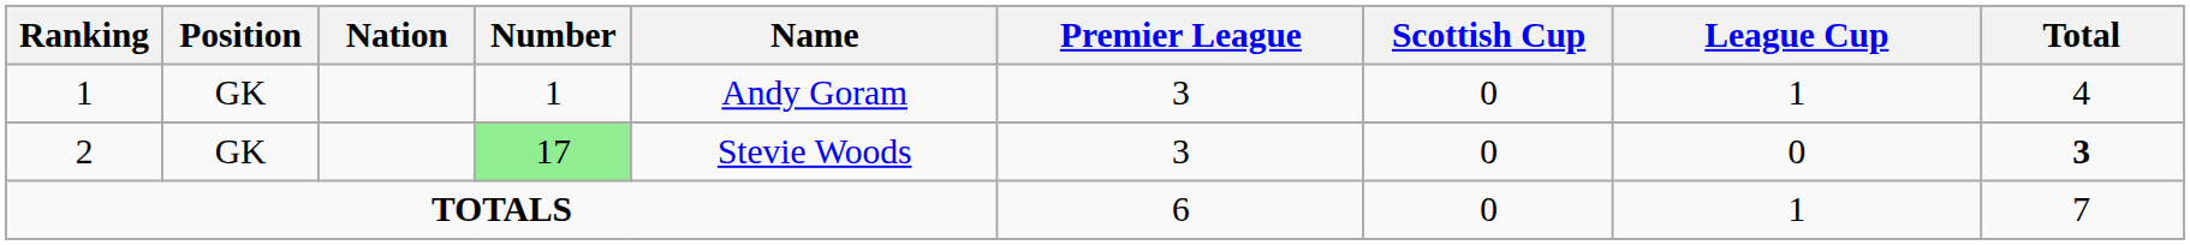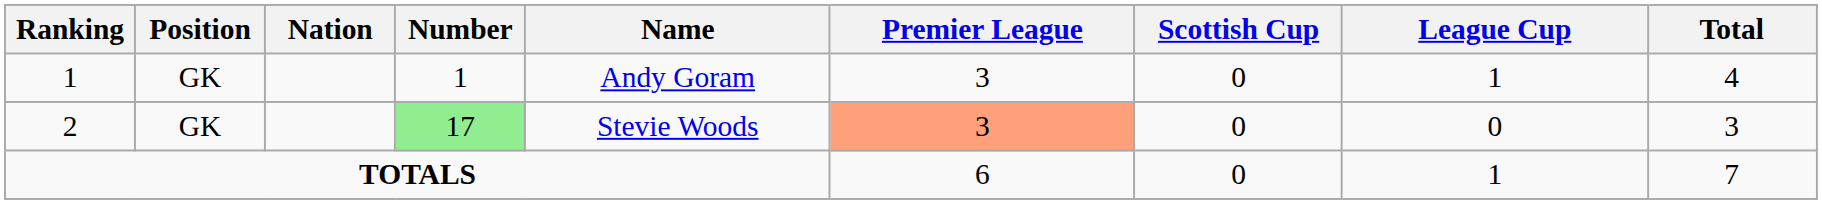 <table class="wikitable" style="font-size: 95%; text-align: center;">
 <tr>
 <th width=60>Ranking</th>
 <th width=60>Position</th>
 <th width=60>Nation</th>
 <th width=60>Number</th>
 <th width=150>Name</th>
 <th width=150><a href='#'>Premier League</a></th>
 <th width=100><a href='#'>Scottish Cup</a></th>
 <th width=150><a href='#'>League Cup</a></th>
 <th width=80>Total</th>
 </tr>
 <tr>
 <td>1</td>
 <td>GK</td>
 <td></td>
 <td>1</td>
 <td><a href='#'>Andy Goram</a></td>
 <td>3</td>
 <td>0</td>
 <td>1</td>
 <td>4</td>
 </tr>
 <tr>
 <td>2</td>
 <td>GK</td>
 <td></td>
 <td style="background: lightgreen;">17</td>
 <td><a href='#'>Stevie Woods</a></td>
-<td>3</td>
+<td style="background: lightsalmon;">3</td>
 <td>0</td>
 <td>0</td>
-<td><strong>3</strong></td>
+<td>3</td>
 </tr>
 <tr>
 <td colspan="5"><strong>TOTALS</strong></td>
 <td>6</td>
 <td>0</td>
 <td>1</td>
 <td>7</td>
 </tr>
 </table>
